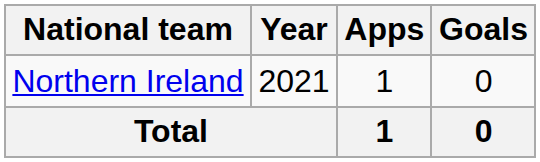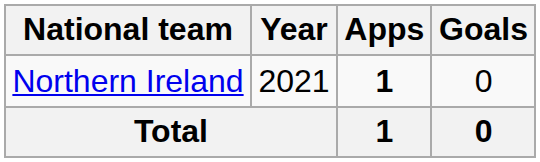 <table class="wikitable" style="text-align:center">
 <tr>
 <th>National team</th>
 <th>Year</th>
 <th>Apps</th>
 <th>Goals</th>
 </tr>
 <tr>
 <td><a href='#'>Northern Ireland</a></td>
 <td>2021</td>
-<td>1</td>
+<td><strong>1</strong></td>
 <td>0</td>
 </tr>
 <tr>
 <th colspan="2">Total</th>
 <th>1</th>
 <th>0</th>
 </tr>
 </table>
